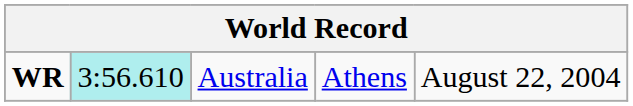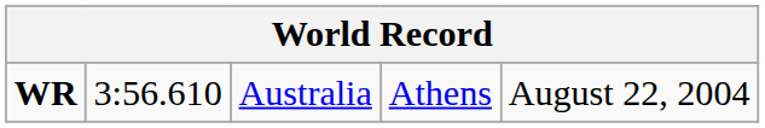 <table class="wikitable">
 <tr>
 <th colspan=5>World Record</th>
 </tr>
 <tr>
 <td><strong>WR</strong></td>
-<td style="background: paleturquoise;">3:56.610</td>
+<td>3:56.610</td>
 <td><a href='#'>Australia</a> </td>
 <td><a href='#'>Athens</a> </td>
 <td>August 22, 2004</td>
 </tr>
 </table>
